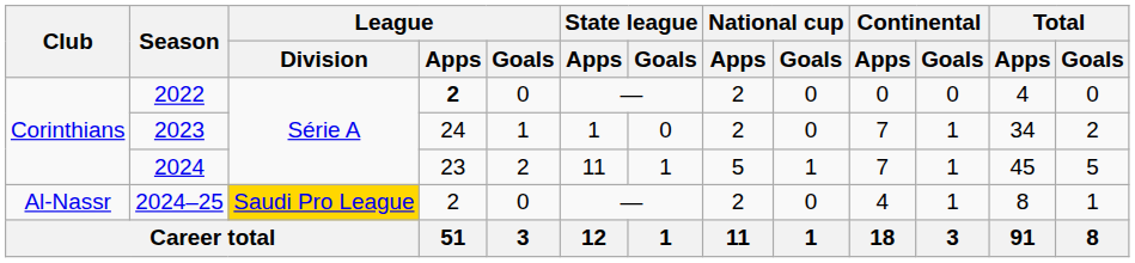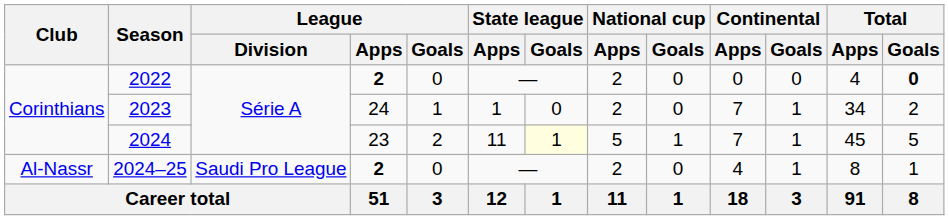 <table class="wikitable" style="text-align: center">
 <tr>
 <th rowspan="2">Club</th>
 <th rowspan="2">Season</th>
 <th colspan="3">League</th>
 <th colspan="2">State league</th>
 <th colspan="2">National cup</th>
 <th colspan="2">Continental</th>
 <th colspan="2">Total</th>
 </tr>
 <tr>
 <th>Division</th>
 <th>Apps</th>
 <th>Goals</th>
 <th>Apps</th>
 <th>Goals</th>
 <th>Apps</th>
 <th>Goals</th>
 <th>Apps</th>
 <th>Goals</th>
 <th>Apps</th>
 <th>Goals</th>
 </tr>
 <tr>
 <td rowspan="3"><a href='#'>Corinthians</a></td>
 <td><a href='#'>2022</a></td>
 <td rowspan="3"><a href='#'>Série A</a></td>
 <td><strong>2</strong></td>
 <td>0</td>
 <td colspan="2">—</td>
 <td>2</td>
 <td>0</td>
 <td>0</td>
 <td>0</td>
 <td>4</td>
-<td>0</td>
+<td><strong>0</strong></td>
 </tr>
 <tr>
 <td><a href='#'>2023</a></td>
 <td>24</td>
 <td>1</td>
 <td>1</td>
 <td>0</td>
 <td>2</td>
 <td>0</td>
 <td>7</td>
 <td>1</td>
 <td>34</td>
 <td>2</td>
 </tr>
 <tr>
 <td><a href='#'>2024</a></td>
 <td>23</td>
 <td>2</td>
 <td>11</td>
-<td>1</td>
+<td style="background: lightyellow;">1</td>
 <td>5</td>
 <td>1</td>
 <td>7</td>
 <td>1</td>
 <td>45</td>
 <td>5</td>
 </tr>
 <tr>
 <td><a href='#'>Al-Nassr</a></td>
 <td><a href='#'>2024–25</a></td>
-<td style="background: gold;"><a href='#'>Saudi Pro League</a></td>
-<td>2</td>
+<td><a href='#'>Saudi Pro League</a></td>
+<td><strong>2</strong></td>
 <td>0</td>
 <td colspan="2">—</td>
 <td>2</td>
 <td>0</td>
 <td>4</td>
 <td>1</td>
 <td>8</td>
 <td>1</td>
 </tr>
 <tr>
 <th colspan="3">Career total</th>
 <th>51</th>
 <th>3</th>
 <th>12</th>
 <th>1</th>
 <th>11</th>
 <th>1</th>
 <th>18</th>
 <th>3</th>
 <th>91</th>
 <th>8</th>
 </tr>
 </table>
